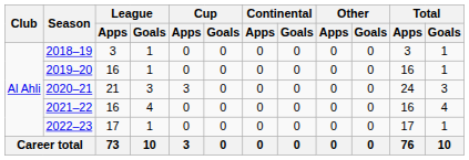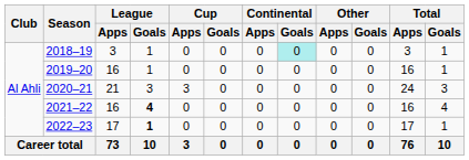 <table class="wikitable" style="text-align: center">
 <tr>
 <th rowspan="2">Club</th>
 <th rowspan="2">Season</th>
 <th colspan="2">League</th>
 <th colspan="2">Cup</th>
 <th colspan="2">Continental</th>
 <th colspan="2">Other</th>
 <th colspan="2">Total</th>
 </tr>
 <tr>
 <th>Apps</th>
 <th>Goals</th>
 <th>Apps</th>
 <th>Goals</th>
 <th>Apps</th>
 <th>Goals</th>
 <th>Apps</th>
 <th>Goals</th>
 <th>Apps</th>
 <th>Goals</th>
 </tr>
 <tr>
 <td rowspan=5><a href='#'>Al Ahli</a></td>
 <td><a href='#'>2018–19</a></td>
 <td>3</td>
 <td>1</td>
 <td>0</td>
 <td>0</td>
 <td>0</td>
-<td>0</td>
+<td style="background: paleturquoise;">0</td>
 <td>0</td>
 <td>0</td>
 <td>3</td>
 <td>1</td>
 </tr>
 <tr>
 <td><a href='#'>2019–20</a></td>
 <td>16</td>
 <td>1</td>
 <td>0</td>
 <td>0</td>
 <td>0</td>
 <td>0</td>
 <td>0</td>
 <td>0</td>
 <td>16</td>
 <td>1</td>
 </tr>
 <tr>
 <td><a href='#'>2020–21</a></td>
 <td>21</td>
 <td>3</td>
 <td>3</td>
 <td>0</td>
 <td>0</td>
 <td>0</td>
 <td>0</td>
 <td>0</td>
 <td>24</td>
 <td>3</td>
 </tr>
 <tr>
 <td><a href='#'>2021–22</a></td>
 <td>16</td>
-<td>4</td>
+<td><strong>4</strong></td>
 <td>0</td>
 <td>0</td>
 <td>0</td>
 <td>0</td>
 <td>0</td>
 <td>0</td>
 <td>16</td>
 <td>4</td>
 </tr>
 <tr>
 <td><a href='#'>2022–23</a></td>
 <td>17</td>
-<td>1</td>
+<td><strong>1</strong></td>
 <td>0</td>
 <td>0</td>
 <td>0</td>
 <td>0</td>
 <td>0</td>
 <td>0</td>
 <td>17</td>
 <td>1</td>
 </tr>
 <tr>
 <th colspan=2>Career total</th>
 <th>73</th>
 <th>10</th>
 <th>3</th>
 <th>0</th>
 <th>0</th>
 <th>0</th>
 <th>0</th>
 <th>0</th>
 <th>76</th>
 <th>10</th>
 </tr>
 </table>
